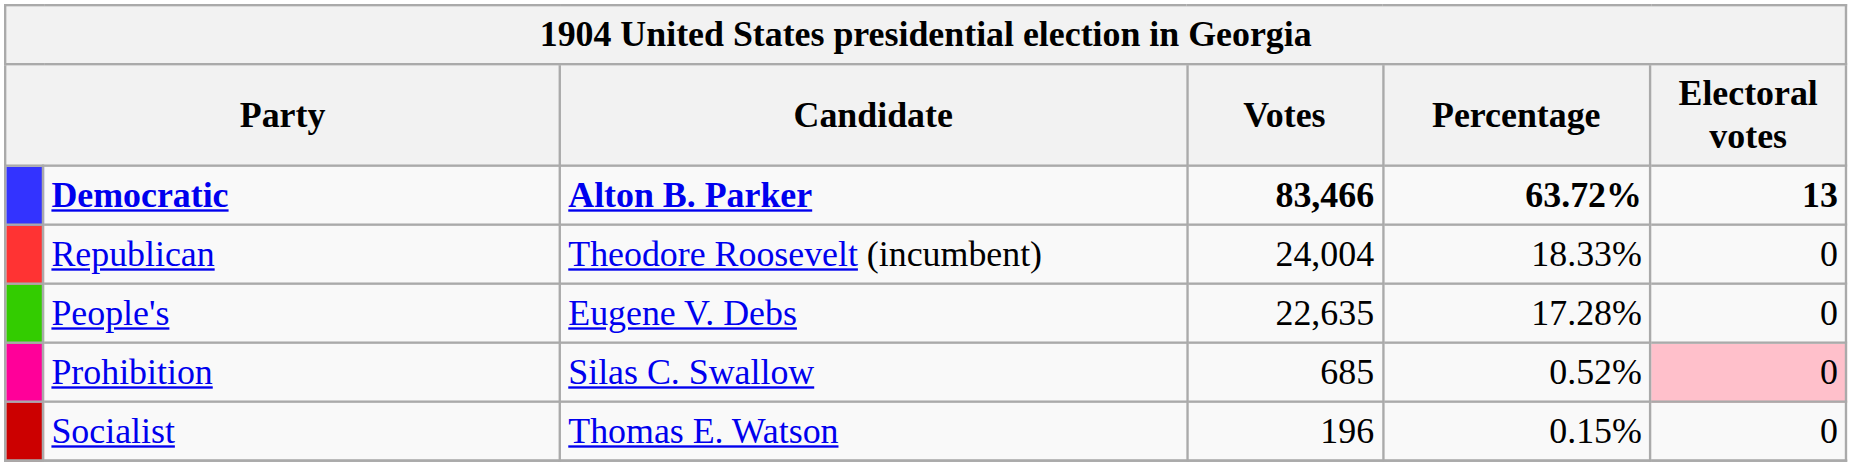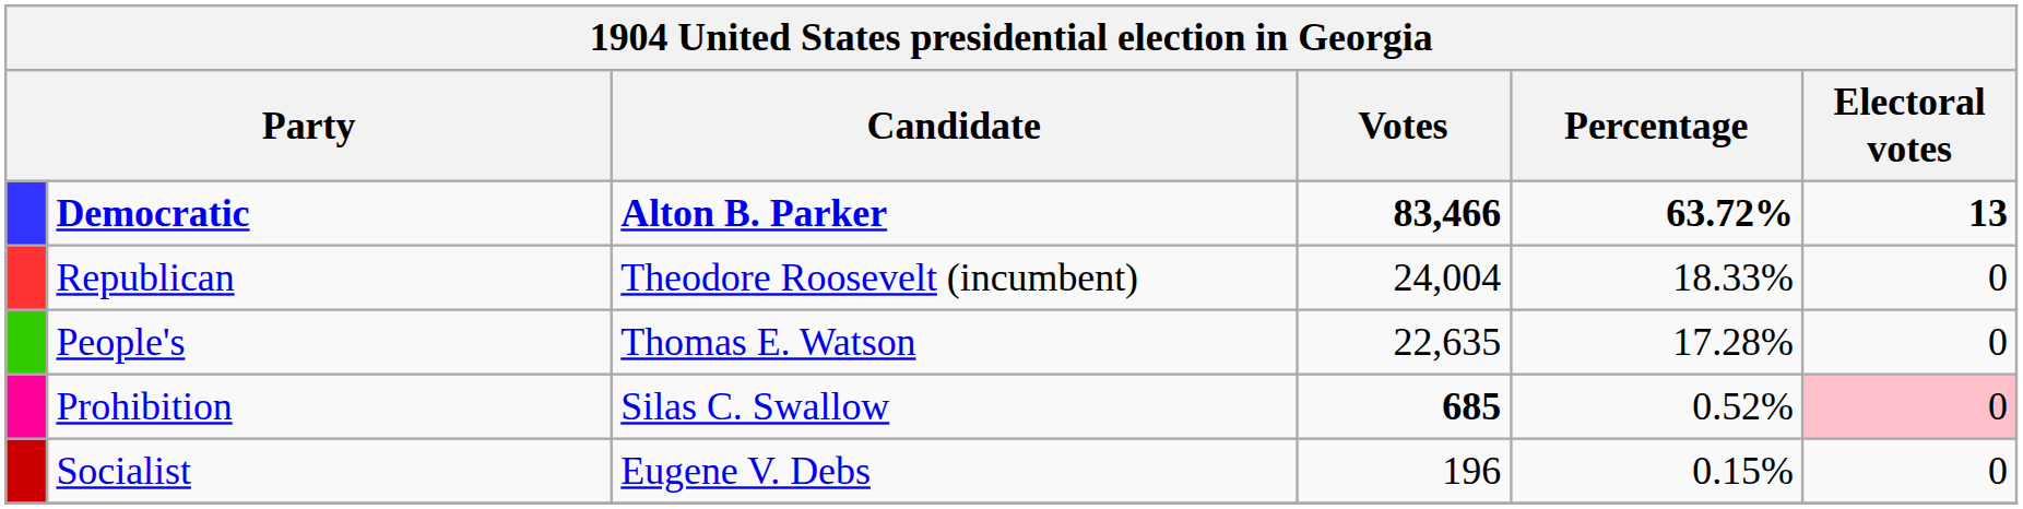 <table class="wikitable" style="font-size: 95%;">
 <tr>
 <th colspan="6">1904 United States presidential election in Georgia</th>
 </tr>
 <tr>
 <th colspan="2" style="width: 15em">Party</th>
 <th style="width: 17em">Candidate</th>
 <th style="width: 5em">Votes</th>
 <th style="width: 7em">Percentage</th>
 <th style="width: 5em">Electoral votes</th>
 </tr>
 <tr>
 <th style="background-color:#3333FF; width: 3px"></th>
 <td style="width: 130px"><strong><a href='#'>Democratic</a></strong></td>
 <td><strong><a href='#'>Alton B. Parker</a></strong></td>
 <td align="right"><strong>83,466</strong></td>
 <td align="right"><strong>63.72%</strong></td>
 <td align="right"><strong>13</strong></td>
 </tr>
 <tr>
 <th style="background-color:#FF3333; width: 3px"></th>
 <td style="width: 130px"><a href='#'>Republican</a></td>
 <td><a href='#'>Theodore Roosevelt</a> (incumbent)</td>
 <td align="right">24,004</td>
 <td align="right">18.33%</td>
 <td align="right">0</td>
 </tr>
 <tr>
 <th style="background-color:#3c0; width: 3px"></th>
 <td style="width: 130px"><a href='#'>People's</a></td>
-<td><a href='#'>Eugene V. Debs</a></td>
+<td><a href='#'>Thomas E. Watson</a></td>
 <td align="right">22,635</td>
 <td align="right">17.28%</td>
 <td align="right">0</td>
 </tr>
 <tr>
 <th style="background-color:#f09; width: 3px"></th>
 <td style="width: 130px"><a href='#'>Prohibition</a></td>
 <td><a href='#'>Silas C. Swallow</a></td>
-<td align="right">685</td>
+<td align="right"><strong>685</strong></td>
 <td align="right">0.52%</td>
 <td align="right" style="background: pink;">0</td>
 </tr>
 <tr>
 <th style="background-color:#c00; width: 3px"></th>
 <td style="width: 130px"><a href='#'>Socialist</a></td>
-<td><a href='#'>Thomas E. Watson</a></td>
+<td><a href='#'>Eugene V. Debs</a></td>
 <td align="right">196</td>
 <td align="right">0.15%</td>
 <td align="right">0</td>
 </tr>
 <tr>
 </tr>
 </table>
